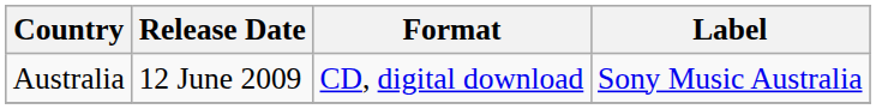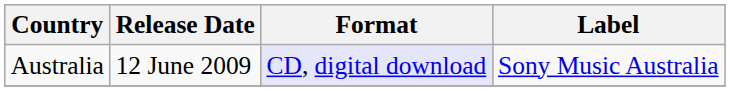 <table class="wikitable">
 <tr>
 <th>Country</th>
 <th>Release Date</th>
 <th>Format</th>
 <th>Label</th>
 </tr>
 <tr>
 <td>Australia</td>
 <td>12 June 2009</td>
-<td><a href='#'>CD</a>, <a href='#'>digital download</a></td>
+<td style="background: lavender;"><a href='#'>CD</a>, <a href='#'>digital download</a></td>
 <td><a href='#'>Sony Music Australia</a></td>
 </tr>
 <tr>
 </tr>
 </table>
